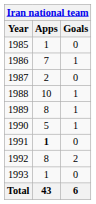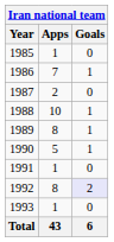 <table class="wikitable" style="text-align:center">
 <tr>
 <th colspan=3><a href='#'>Iran national team</a></th>
 </tr>
 <tr>
 <th>Year</th>
 <th>Apps</th>
 <th>Goals</th>
 </tr>
 <tr>
 <td>1985</td>
 <td>1</td>
 <td>0</td>
 </tr>
 <tr>
 <td>1986</td>
 <td>7</td>
 <td>1</td>
 </tr>
 <tr>
 <td>1987</td>
 <td>2</td>
 <td>0</td>
 </tr>
 <tr>
 <td>1988</td>
 <td>10</td>
 <td>1</td>
 </tr>
 <tr>
 <td>1989</td>
 <td>8</td>
 <td>1</td>
 </tr>
 <tr>
 <td>1990</td>
 <td>5</td>
 <td>1</td>
 </tr>
 <tr>
 <td>1991</td>
-<td><strong>1</strong></td>
+<td>1</td>
 <td>0</td>
 </tr>
 <tr>
 <td>1992</td>
 <td>8</td>
-<td>2</td>
+<td style="background: lavender;">2</td>
 </tr>
 <tr>
 <td>1993</td>
 <td>1</td>
 <td>0</td>
 </tr>
 <tr>
 <th>Total</th>
 <th>43</th>
 <th>6</th>
 </tr>
 </table>
